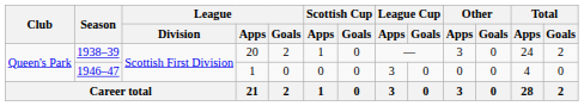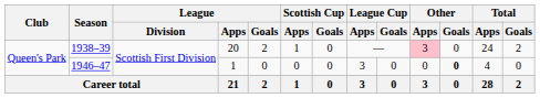 <table class="wikitable" style="text-align: center;">
 <tr>
 <th rowspan="2">Club</th>
 <th rowspan="2">Season</th>
 <th colspan="3">League</th>
 <th colspan="2">Scottish Cup</th>
 <th colspan="2">League Cup</th>
 <th colspan="2">Other</th>
 <th colspan="2">Total</th>
 </tr>
 <tr>
 <th>Division</th>
 <th>Apps</th>
 <th>Goals</th>
 <th>Apps</th>
 <th>Goals</th>
 <th>Apps</th>
 <th>Goals</th>
 <th>Apps</th>
 <th>Goals</th>
 <th>Apps</th>
 <th>Goals</th>
 </tr>
 <tr>
 <td rowspan="2"><a href='#'>Queen's Park</a></td>
 <td><a href='#'>1938–39</a></td>
 <td rowspan="2"><a href='#'>Scottish First Division</a></td>
 <td>20</td>
 <td>2</td>
 <td>1</td>
 <td>0</td>
 <td colspan="2">—</td>
-<td>3</td>
+<td style="background: pink;">3</td>
 <td>0</td>
 <td>24</td>
 <td>2</td>
 </tr>
 <tr>
 <td><a href='#'>1946–47</a></td>
 <td>1</td>
 <td>0</td>
 <td>0</td>
 <td>0</td>
 <td>3</td>
 <td>0</td>
 <td>0</td>
-<td>0</td>
+<td><strong>0</strong></td>
 <td>4</td>
 <td>0</td>
 </tr>
 <tr>
 <th colspan="3">Career total</th>
 <th>21</th>
 <th>2</th>
 <th>1</th>
 <th>0</th>
 <th>3</th>
 <th>0</th>
 <th>3</th>
 <th>0</th>
 <th>28</th>
 <th>2</th>
 </tr>
 </table>
